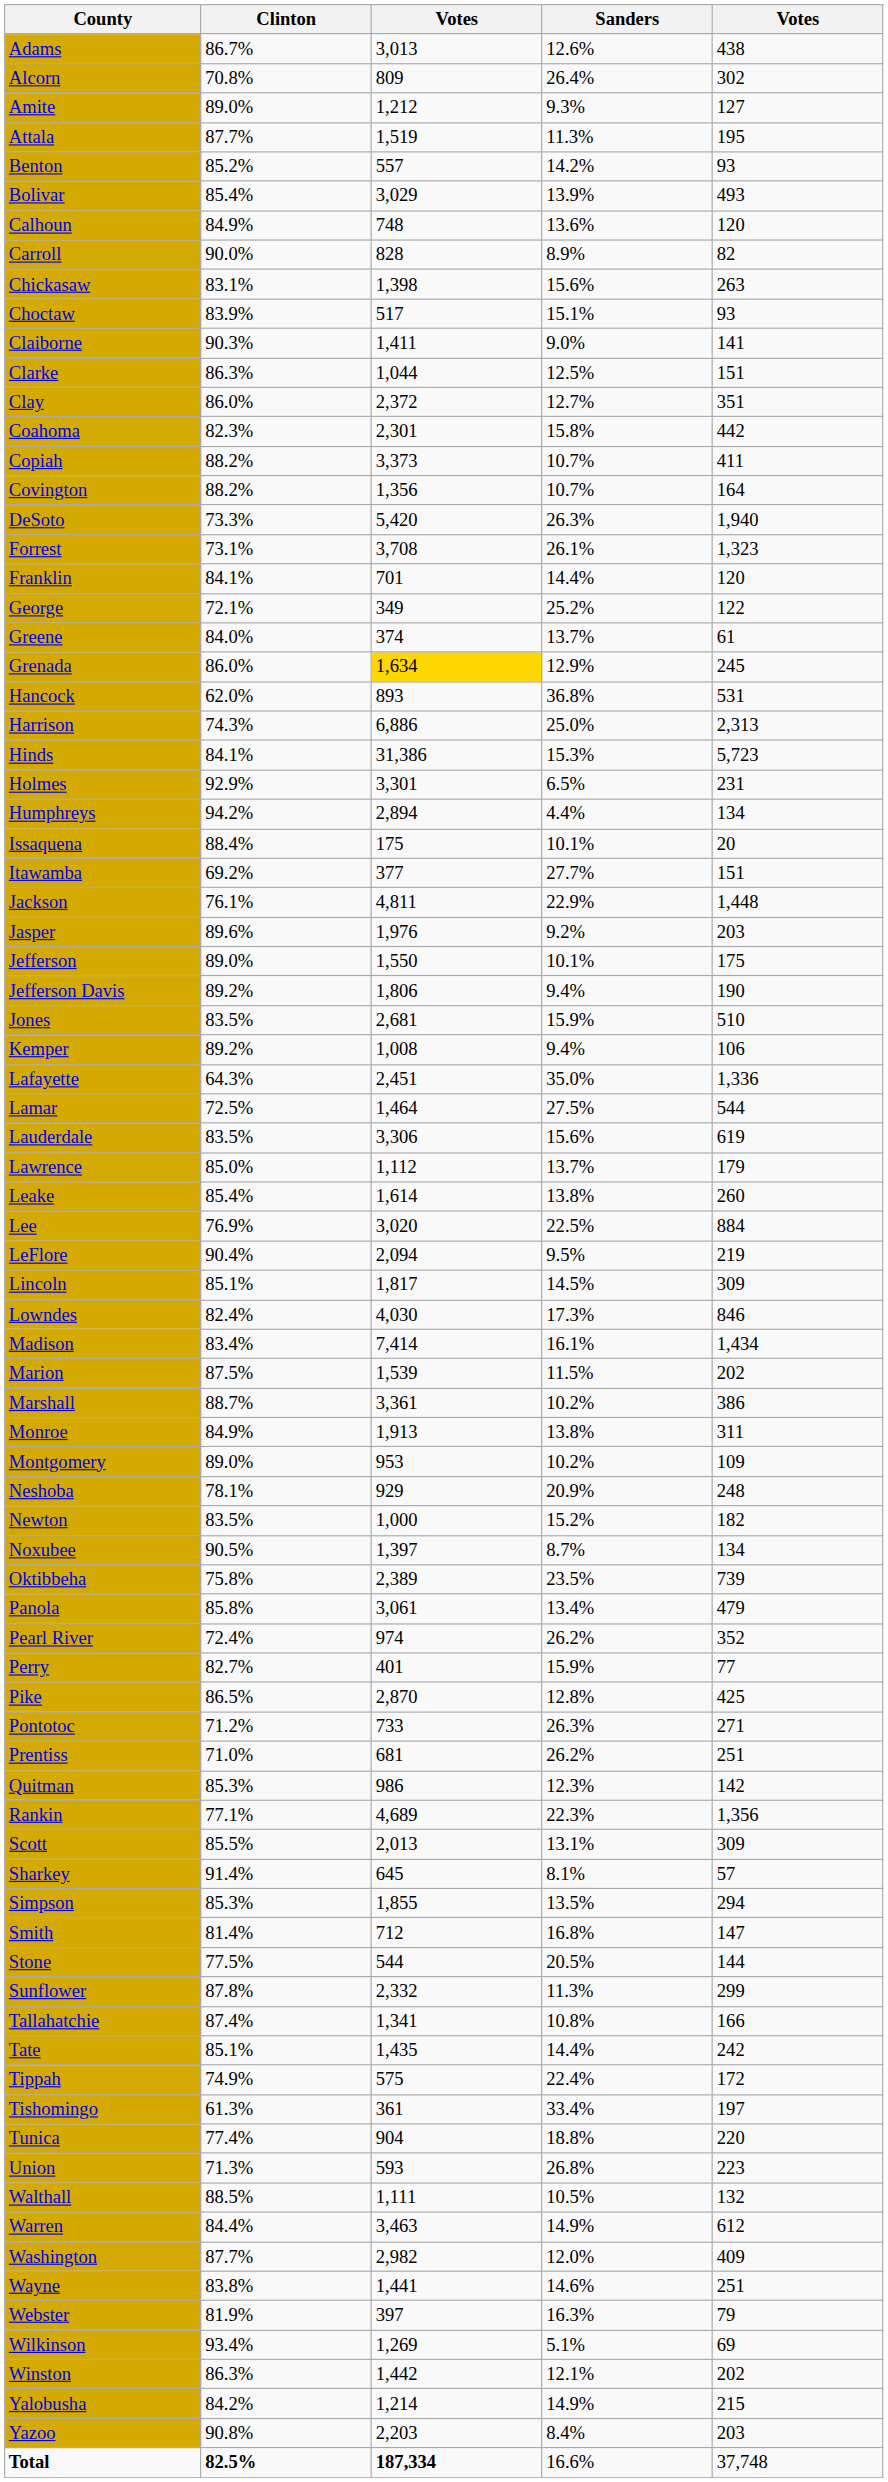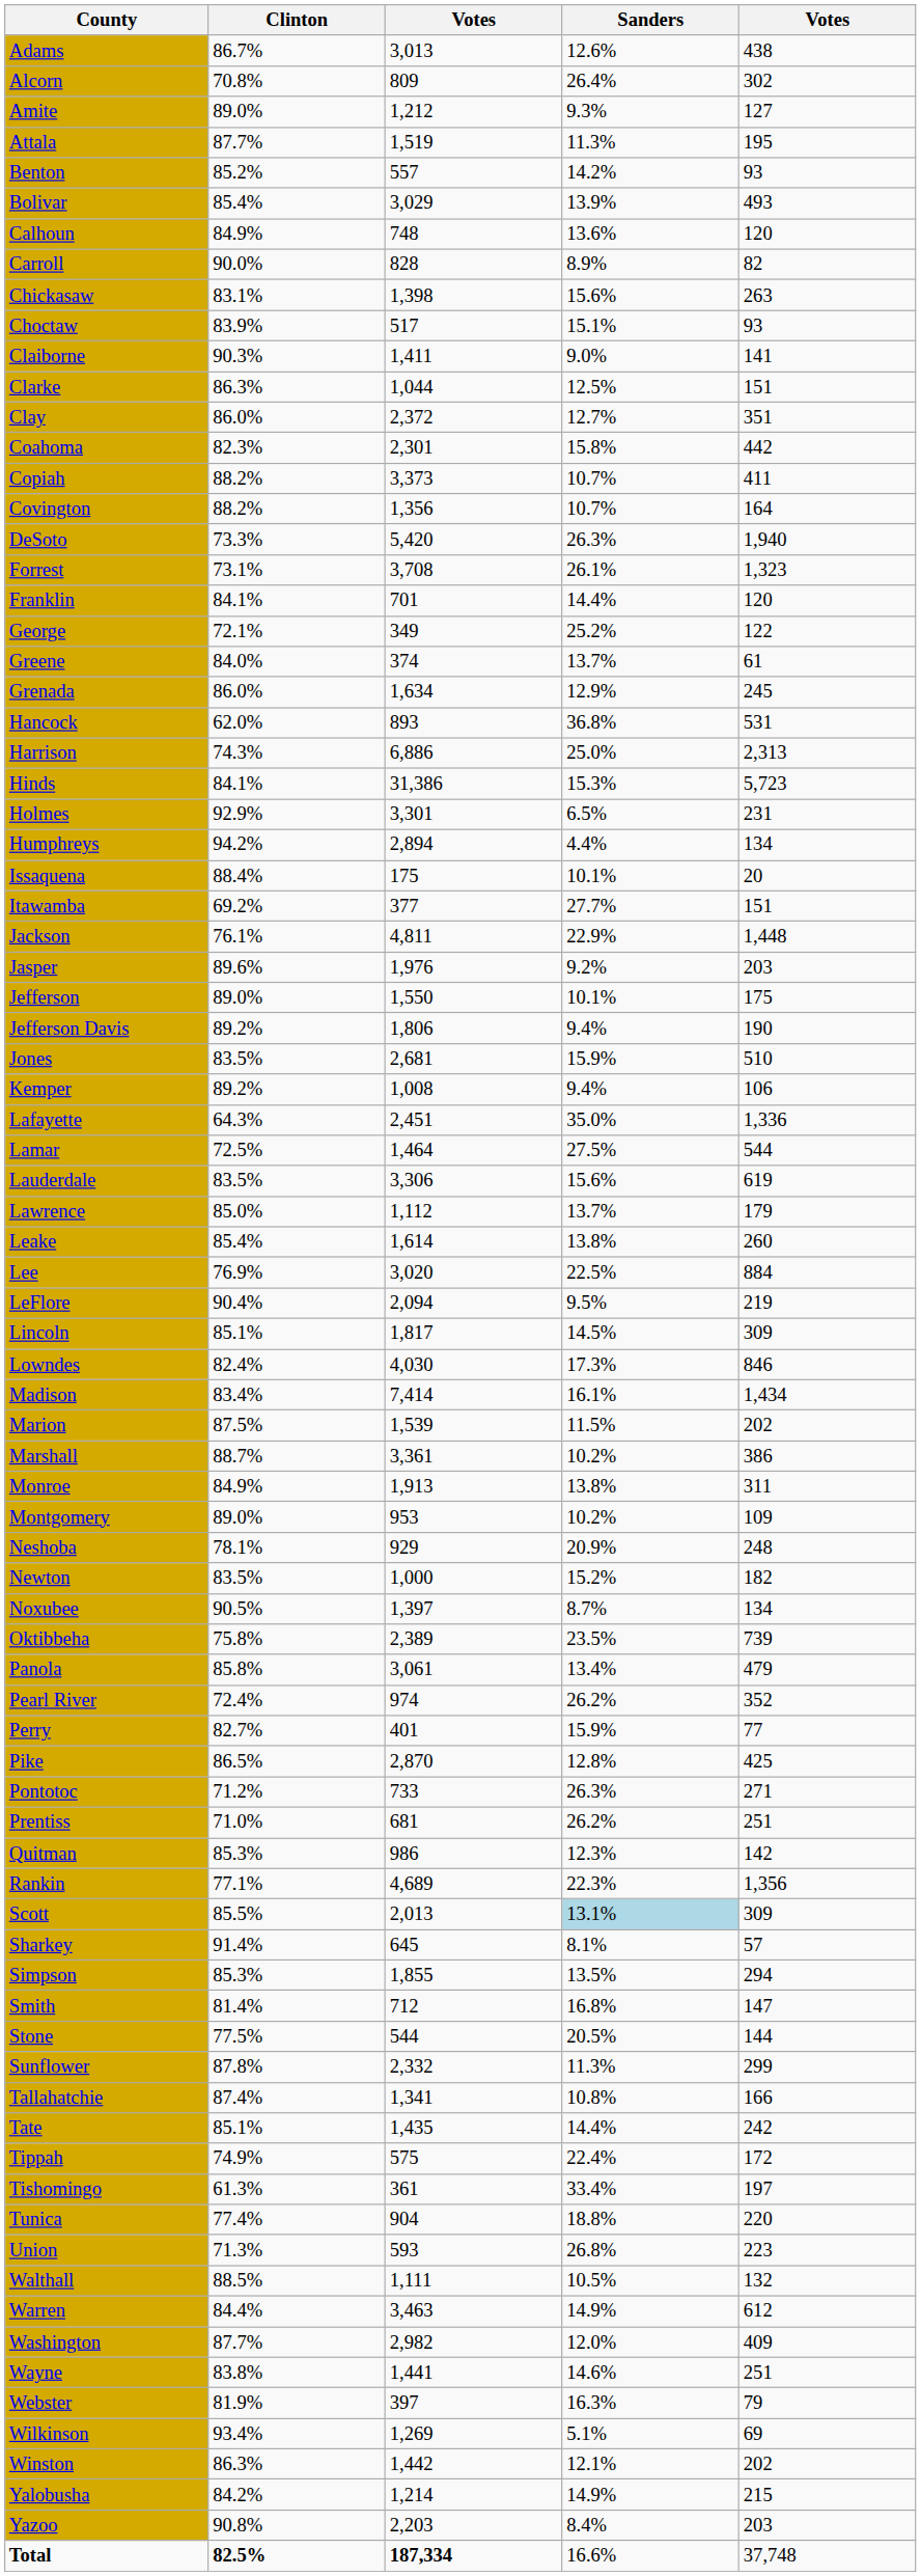 <table width="60%" class="wikitable sortable">
 <tr>
 <th width="11%">County</th>
 <th width="10%">Clinton</th>
 <th width="10%">Votes</th>
 <th width="10%">Sanders</th>
 <th width="10%">Votes</th>
 </tr>
 <tr>
 <td style="background:#D4AA00;"><a href='#'>Adams</a></td>
 <td>86.7%</td>
 <td>3,013</td>
 <td>12.6%</td>
 <td>438</td>
 </tr>
 <tr>
 <td style="background:#D4AA00;"><a href='#'>Alcorn</a></td>
 <td>70.8%</td>
 <td>809</td>
 <td>26.4%</td>
 <td>302</td>
 </tr>
 <tr>
 <td style="background:#D4AA00;"><a href='#'>Amite</a></td>
 <td>89.0%</td>
 <td>1,212</td>
 <td>9.3%</td>
 <td>127</td>
 </tr>
 <tr>
 <td style="background:#D4AA00;"><a href='#'>Attala</a></td>
 <td>87.7%</td>
 <td>1,519</td>
 <td>11.3%</td>
 <td>195</td>
 </tr>
 <tr>
 <td style="background:#D4AA00;"><a href='#'>Benton</a></td>
 <td>85.2%</td>
 <td>557</td>
 <td>14.2%</td>
 <td>93</td>
 </tr>
 <tr>
 <td style="background:#D4AA00;"><a href='#'>Bolivar</a></td>
 <td>85.4%</td>
 <td>3,029</td>
 <td>13.9%</td>
 <td>493</td>
 </tr>
 <tr>
 <td style="background:#D4AA00;"><a href='#'>Calhoun</a></td>
 <td>84.9%</td>
 <td>748</td>
 <td>13.6%</td>
 <td>120</td>
 </tr>
 <tr>
 <td style="background:#D4AA00;"><a href='#'>Carroll</a></td>
 <td>90.0%</td>
 <td>828</td>
 <td>8.9%</td>
 <td>82</td>
 </tr>
 <tr>
 <td style="background:#D4AA00;"><a href='#'>Chickasaw</a></td>
 <td>83.1%</td>
 <td>1,398</td>
 <td>15.6%</td>
 <td>263</td>
 </tr>
 <tr>
 <td style="background:#D4AA00;"><a href='#'>Choctaw</a></td>
 <td>83.9%</td>
 <td>517</td>
 <td>15.1%</td>
 <td>93</td>
 </tr>
 <tr>
 <td style="background:#D4AA00;"><a href='#'>Claiborne</a></td>
 <td>90.3%</td>
 <td>1,411</td>
 <td>9.0%</td>
 <td>141</td>
 </tr>
 <tr>
 <td style="background:#D4AA00;"><a href='#'>Clarke</a></td>
 <td>86.3%</td>
 <td>1,044</td>
 <td>12.5%</td>
 <td>151</td>
 </tr>
 <tr>
 <td style="background:#D4AA00;"><a href='#'>Clay</a></td>
 <td>86.0%</td>
 <td>2,372</td>
 <td>12.7%</td>
 <td>351</td>
 </tr>
 <tr>
 <td style="background:#D4AA00;"><a href='#'>Coahoma</a></td>
 <td>82.3%</td>
 <td>2,301</td>
 <td>15.8%</td>
 <td>442</td>
 </tr>
 <tr>
 <td style="background:#D4AA00;"><a href='#'>Copiah</a></td>
 <td>88.2%</td>
 <td>3,373</td>
 <td>10.7%</td>
 <td>411</td>
 </tr>
 <tr>
 <td style="background:#D4AA00;"><a href='#'>Covington</a></td>
 <td>88.2%</td>
 <td>1,356</td>
 <td>10.7%</td>
 <td>164</td>
 </tr>
 <tr>
 <td style="background:#D4AA00;"><a href='#'>DeSoto</a></td>
 <td>73.3%</td>
 <td>5,420</td>
 <td>26.3%</td>
 <td>1,940</td>
 </tr>
 <tr>
 <td style="background:#D4AA00;"><a href='#'>Forrest</a></td>
 <td>73.1%</td>
 <td>3,708</td>
 <td>26.1%</td>
 <td>1,323</td>
 </tr>
 <tr>
 <td style="background:#D4AA00;"><a href='#'>Franklin</a></td>
 <td>84.1%</td>
 <td>701</td>
 <td>14.4%</td>
 <td>120</td>
 </tr>
 <tr>
 <td style="background:#D4AA00;"><a href='#'>George</a></td>
 <td>72.1%</td>
 <td>349</td>
 <td>25.2%</td>
 <td>122</td>
 </tr>
 <tr>
 <td style="background:#D4AA00;"><a href='#'>Greene</a></td>
 <td>84.0%</td>
 <td>374</td>
 <td>13.7%</td>
 <td>61</td>
 </tr>
 <tr>
 <td style="background:#D4AA00;"><a href='#'>Grenada</a></td>
 <td>86.0%</td>
-<td style="background: gold;">1,634</td>
+<td>1,634</td>
 <td>12.9%</td>
 <td>245</td>
 </tr>
 <tr>
 <td style="background:#D4AA00;"><a href='#'>Hancock</a></td>
 <td>62.0%</td>
 <td>893</td>
 <td>36.8%</td>
 <td>531</td>
 </tr>
 <tr>
 <td style="background:#D4AA00;"><a href='#'>Harrison</a></td>
 <td>74.3%</td>
 <td>6,886</td>
 <td>25.0%</td>
 <td>2,313</td>
 </tr>
 <tr>
 <td style="background:#D4AA00;"><a href='#'>Hinds</a></td>
 <td>84.1%</td>
 <td>31,386</td>
 <td>15.3%</td>
 <td>5,723</td>
 </tr>
 <tr>
 <td style="background:#D4AA00;"><a href='#'>Holmes</a></td>
 <td>92.9%</td>
 <td>3,301</td>
 <td>6.5%</td>
 <td>231</td>
 </tr>
 <tr>
 <td style="background:#D4AA00;"><a href='#'>Humphreys</a></td>
 <td>94.2%</td>
 <td>2,894</td>
 <td>4.4%</td>
 <td>134</td>
 </tr>
 <tr>
 <td style="background:#D4AA00;"><a href='#'>Issaquena</a></td>
 <td>88.4%</td>
 <td>175</td>
 <td>10.1%</td>
 <td>20</td>
 </tr>
 <tr>
 <td style="background:#D4AA00;"><a href='#'>Itawamba</a></td>
 <td>69.2%</td>
 <td>377</td>
 <td>27.7%</td>
 <td>151</td>
 </tr>
 <tr>
 <td style="background:#D4AA00;"><a href='#'>Jackson</a></td>
 <td>76.1%</td>
 <td>4,811</td>
 <td>22.9%</td>
 <td>1,448</td>
 </tr>
 <tr>
 <td style="background:#D4AA00;"><a href='#'>Jasper</a></td>
 <td>89.6%</td>
 <td>1,976</td>
 <td>9.2%</td>
 <td>203</td>
 </tr>
 <tr>
 <td style="background:#D4AA00;"><a href='#'>Jefferson</a></td>
 <td>89.0%</td>
 <td>1,550</td>
 <td>10.1%</td>
 <td>175</td>
 </tr>
 <tr>
 <td style="background:#D4AA00;"><a href='#'>Jefferson Davis</a></td>
 <td>89.2%</td>
 <td>1,806</td>
 <td>9.4%</td>
 <td>190</td>
 </tr>
 <tr>
 <td style="background:#D4AA00;"><a href='#'>Jones</a></td>
 <td>83.5%</td>
 <td>2,681</td>
 <td>15.9%</td>
 <td>510</td>
 </tr>
 <tr>
 <td style="background:#D4AA00;"><a href='#'>Kemper</a></td>
 <td>89.2%</td>
 <td>1,008</td>
 <td>9.4%</td>
 <td>106</td>
 </tr>
 <tr>
 <td style="background:#D4AA00;"><a href='#'>Lafayette</a></td>
 <td>64.3%</td>
 <td>2,451</td>
 <td>35.0%</td>
 <td>1,336</td>
 </tr>
 <tr>
 <td style="background:#D4AA00;"><a href='#'>Lamar</a></td>
 <td>72.5%</td>
 <td>1,464</td>
 <td>27.5%</td>
 <td>544</td>
 </tr>
 <tr>
 <td style="background:#D4AA00;"><a href='#'>Lauderdale</a></td>
 <td>83.5%</td>
 <td>3,306</td>
 <td>15.6%</td>
 <td>619</td>
 </tr>
 <tr>
 <td style="background:#D4AA00;"><a href='#'>Lawrence</a></td>
 <td>85.0%</td>
 <td>1,112</td>
 <td>13.7%</td>
 <td>179</td>
 </tr>
 <tr>
 <td style="background:#D4AA00;"><a href='#'>Leake</a></td>
 <td>85.4%</td>
 <td>1,614</td>
 <td>13.8%</td>
 <td>260</td>
 </tr>
 <tr>
 <td style="background:#D4AA00;"><a href='#'>Lee</a></td>
 <td>76.9%</td>
 <td>3,020</td>
 <td>22.5%</td>
 <td>884</td>
 </tr>
 <tr>
 <td style="background:#D4AA00;"><a href='#'>LeFlore</a></td>
 <td>90.4%</td>
 <td>2,094</td>
 <td>9.5%</td>
 <td>219</td>
 </tr>
 <tr>
 <td style="background:#D4AA00;"><a href='#'>Lincoln</a></td>
 <td>85.1%</td>
 <td>1,817</td>
 <td>14.5%</td>
 <td>309</td>
 </tr>
 <tr>
 <td style="background:#D4AA00;"><a href='#'>Lowndes</a></td>
 <td>82.4%</td>
 <td>4,030</td>
 <td>17.3%</td>
 <td>846</td>
 </tr>
 <tr>
 <td style="background:#D4AA00;"><a href='#'>Madison</a></td>
 <td>83.4%</td>
 <td>7,414</td>
 <td>16.1%</td>
 <td>1,434</td>
 </tr>
 <tr>
 <td style="background:#D4AA00;"><a href='#'>Marion</a></td>
 <td>87.5%</td>
 <td>1,539</td>
 <td>11.5%</td>
 <td>202</td>
 </tr>
 <tr>
 <td style="background:#D4AA00;"><a href='#'>Marshall</a></td>
 <td>88.7%</td>
 <td>3,361</td>
 <td>10.2%</td>
 <td>386</td>
 </tr>
 <tr>
 <td style="background:#D4AA00;"><a href='#'>Monroe</a></td>
 <td>84.9%</td>
 <td>1,913</td>
 <td>13.8%</td>
 <td>311</td>
 </tr>
 <tr>
 <td style="background:#D4AA00;"><a href='#'>Montgomery</a></td>
 <td>89.0%</td>
 <td>953</td>
 <td>10.2%</td>
 <td>109</td>
 </tr>
 <tr>
 <td style="background:#D4AA00;"><a href='#'>Neshoba</a></td>
 <td>78.1%</td>
 <td>929</td>
 <td>20.9%</td>
 <td>248</td>
 </tr>
 <tr>
 <td style="background:#D4AA00;"><a href='#'>Newton</a></td>
 <td>83.5%</td>
 <td>1,000</td>
 <td>15.2%</td>
 <td>182</td>
 </tr>
 <tr>
 <td style="background:#D4AA00;"><a href='#'>Noxubee</a></td>
 <td>90.5%</td>
 <td>1,397</td>
 <td>8.7%</td>
 <td>134</td>
 </tr>
 <tr>
 <td style="background:#D4AA00;"><a href='#'>Oktibbeha</a></td>
 <td>75.8%</td>
 <td>2,389</td>
 <td>23.5%</td>
 <td>739</td>
 </tr>
 <tr>
 <td style="background:#D4AA00;"><a href='#'>Panola</a></td>
 <td>85.8%</td>
 <td>3,061</td>
 <td>13.4%</td>
 <td>479</td>
 </tr>
 <tr>
 <td style="background:#D4AA00;"><a href='#'>Pearl River</a></td>
 <td>72.4%</td>
 <td>974</td>
 <td>26.2%</td>
 <td>352</td>
 </tr>
 <tr>
 <td style="background:#D4AA00;"><a href='#'>Perry</a></td>
 <td>82.7%</td>
 <td>401</td>
 <td>15.9%</td>
 <td>77</td>
 </tr>
 <tr>
 <td style="background:#D4AA00;"><a href='#'>Pike</a></td>
 <td>86.5%</td>
 <td>2,870</td>
 <td>12.8%</td>
 <td>425</td>
 </tr>
 <tr>
 <td style="background:#D4AA00;"><a href='#'>Pontotoc</a></td>
 <td>71.2%</td>
 <td>733</td>
 <td>26.3%</td>
 <td>271</td>
 </tr>
 <tr>
 <td style="background:#D4AA00;"><a href='#'>Prentiss</a></td>
 <td>71.0%</td>
 <td>681</td>
 <td>26.2%</td>
 <td>251</td>
 </tr>
 <tr>
 <td style="background:#D4AA00;"><a href='#'>Quitman</a></td>
 <td>85.3%</td>
 <td>986</td>
 <td>12.3%</td>
 <td>142</td>
 </tr>
 <tr>
 <td style="background:#D4AA00;"><a href='#'>Rankin</a></td>
 <td>77.1%</td>
 <td>4,689</td>
 <td>22.3%</td>
 <td>1,356</td>
 </tr>
 <tr>
 <td style="background:#D4AA00;"><a href='#'>Scott</a></td>
 <td>85.5%</td>
 <td>2,013</td>
-<td>13.1%</td>
+<td style="background: lightblue;">13.1%</td>
 <td>309</td>
 </tr>
 <tr>
 <td style="background:#D4AA00;"><a href='#'>Sharkey</a></td>
 <td>91.4%</td>
 <td>645</td>
 <td>8.1%</td>
 <td>57</td>
 </tr>
 <tr>
 <td style="background:#D4AA00;"><a href='#'>Simpson</a></td>
 <td>85.3%</td>
 <td>1,855</td>
 <td>13.5%</td>
 <td>294</td>
 </tr>
 <tr>
 <td style="background:#D4AA00;"><a href='#'>Smith</a></td>
 <td>81.4%</td>
 <td>712</td>
 <td>16.8%</td>
 <td>147</td>
 </tr>
 <tr>
 <td style="background:#D4AA00;"><a href='#'>Stone</a></td>
 <td>77.5%</td>
 <td>544</td>
 <td>20.5%</td>
 <td>144</td>
 </tr>
 <tr>
 <td style="background:#D4AA00;"><a href='#'>Sunflower</a></td>
 <td>87.8%</td>
 <td>2,332</td>
 <td>11.3%</td>
 <td>299</td>
 </tr>
 <tr>
 <td style="background:#D4AA00;"><a href='#'>Tallahatchie</a></td>
 <td>87.4%</td>
 <td>1,341</td>
 <td>10.8%</td>
 <td>166</td>
 </tr>
 <tr>
 <td style="background:#D4AA00;"><a href='#'>Tate</a></td>
 <td>85.1%</td>
 <td>1,435</td>
 <td>14.4%</td>
 <td>242</td>
 </tr>
 <tr>
 <td style="background:#D4AA00;"><a href='#'>Tippah</a></td>
 <td>74.9%</td>
 <td>575</td>
 <td>22.4%</td>
 <td>172</td>
 </tr>
 <tr>
 <td style="background:#D4AA00;"><a href='#'>Tishomingo</a></td>
 <td>61.3%</td>
 <td>361</td>
 <td>33.4%</td>
 <td>197</td>
 </tr>
 <tr>
 <td style="background:#D4AA00;"><a href='#'>Tunica</a></td>
 <td>77.4%</td>
 <td>904</td>
 <td>18.8%</td>
 <td>220</td>
 </tr>
 <tr>
 <td style="background:#D4AA00;"><a href='#'>Union</a></td>
 <td>71.3%</td>
 <td>593</td>
 <td>26.8%</td>
 <td>223</td>
 </tr>
 <tr>
 <td style="background:#D4AA00;"><a href='#'>Walthall</a></td>
 <td>88.5%</td>
 <td>1,111</td>
 <td>10.5%</td>
 <td>132</td>
 </tr>
 <tr>
 <td style="background:#D4AA00;"><a href='#'>Warren</a></td>
 <td>84.4%</td>
 <td>3,463</td>
 <td>14.9%</td>
 <td>612</td>
 </tr>
 <tr>
 <td style="background:#D4AA00;"><a href='#'>Washington</a></td>
 <td>87.7%</td>
 <td>2,982</td>
 <td>12.0%</td>
 <td>409</td>
 </tr>
 <tr>
 <td style="background:#D4AA00;"><a href='#'>Wayne</a></td>
 <td>83.8%</td>
 <td>1,441</td>
 <td>14.6%</td>
 <td>251</td>
 </tr>
 <tr>
 <td style="background:#D4AA00;"><a href='#'>Webster</a></td>
 <td>81.9%</td>
 <td>397</td>
 <td>16.3%</td>
 <td>79</td>
 </tr>
 <tr>
 <td style="background:#D4AA00;"><a href='#'>Wilkinson</a></td>
 <td>93.4%</td>
 <td>1,269</td>
 <td>5.1%</td>
 <td>69</td>
 </tr>
 <tr>
 <td style="background:#D4AA00;"><a href='#'>Winston</a></td>
 <td>86.3%</td>
 <td>1,442</td>
 <td>12.1%</td>
 <td>202</td>
 </tr>
 <tr>
 <td style="background:#D4AA00;"><a href='#'>Yalobusha</a></td>
 <td>84.2%</td>
 <td>1,214</td>
 <td>14.9%</td>
 <td>215</td>
 </tr>
 <tr>
 <td style="background:#D4AA00;"><a href='#'>Yazoo</a></td>
 <td>90.8%</td>
 <td>2,203</td>
 <td>8.4%</td>
 <td>203</td>
 </tr>
 <tr>
 <td><strong>Total</strong></td>
 <td><strong>82.5%</strong></td>
 <td><strong>187,334</strong></td>
 <td>16.6%</td>
 <td>37,748</td>
 </tr>
 </table>
